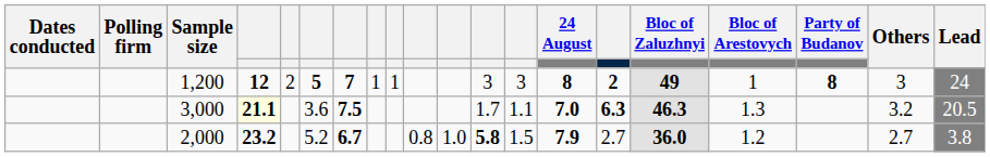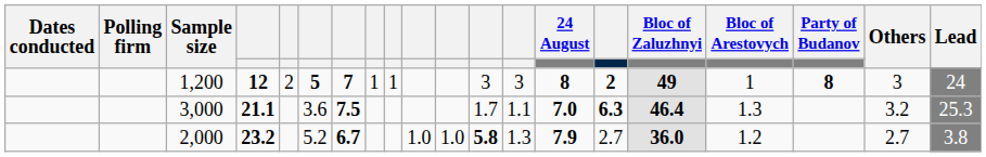 <table class="wikitable sortable mw-datatable mw-collapsible" style="text-align:center;font-size:90%;line-height:14px;">
 <tr style="height:40px;">
 <th rowspan="2">Dates<br>conducted</th>
 <th rowspan="2">Polling firm</th>
 <th rowspan="2">Sample<br>size</th>
 <th class="unsortable" style="width:30px;"></th>
 <th class="unsortable" style="width:30px;"></th>
 <th class="unsortable" style="width:30px;"></th>
 <th class="unsortable" style="width:30px;"></th>
 <th class="unsortable" style="width:30px;"></th>
 <th class="unsortable" style="width:30px;"></th>
 <th class="unsortable" style="width:30px;"></th>
 <th class="unsortable" style="width:30px;"></th>
 <th class="unsortable" style="width:30px;"></th>
 <th class="unsortable" style="width:30px;"></th>
 <th class="unsortable" style="width:30px;"><small><a href='#'>24<br>August</a></small></th>
 <th class="unsortable" style="width:30px;"></th>
 <th class="unsortable" style="width:30px;"><small><a href='#'>Bloc of<br>Zaluzhnyi</a></small></th>
 <th class="unsortable" style="width:30px;"><small><a href='#'>Bloc of<br>Arestovych</a></small></th>
 <th class="unsortable" style="width:30px;"><small><a href='#'>Party of<br>Budanov</a></small></th>
 <th rowspan="2" class="unsortable" style="width:30px;">Others</th>
 <th rowspan="2" style="width:30px;">Lead</th>
 </tr>
 <tr>
 <th data-sort-type="number" style="background:"></th>
 <th data-sort-type="number" style="background:"></th>
 <th data-sort-type="number" style="background:"></th>
 <th data-sort-type="number" style="background:"></th>
 <th data-sort-type="number" style="background:"></th>
 <th data-sort-type="number" style="background:"></th>
 <th data-sort-type="number" style="background:"></th>
 <th data-sort-type="number" style="background:"></th>
 <th data-sort-type="number" style="background:"></th>
 <th data-sort-type="number" style="background:"></th>
 <th data-sort-type="number" style="background:#808080;"></th>
 <th data-sort-type="number" style="background:#00264A;"></th>
 <th data-sort-type="number" style="background:#808080;"></th>
 <th data-sort-type="number" style="background:#808080;"></th>
 <th data-sort-type="number" style="background:#808080;"></th>
 </tr>
 <tr>
 <td></td>
 <td></td>
 <td>1,200</td>
 <td><strong>12</strong></td>
 <td>2</td>
 <td><strong>5</strong></td>
 <td><strong>7</strong></td>
 <td>1</td>
 <td>1</td>
 <td></td>
 <td></td>
 <td>3</td>
 <td>3</td>
 <td><strong>8</strong></td>
 <td><strong>2</strong></td>
 <td style="background:#E2E2E2;"><strong>49</strong></td>
 <td>1</td>
 <td><strong>8</strong></td>
 <td>3</td>
 <td style="background:#808080; color:white;">24</td>
 </tr>
 <tr>
 <td></td>
 <td></td>
 <td>3,000</td>
-<td style="background: lightyellow;"><strong>21.1</strong></td>
+<td><strong>21.1</strong></td>
 <td></td>
 <td>3.6</td>
 <td><strong>7.5</strong></td>
 <td></td>
 <td></td>
 <td></td>
 <td></td>
 <td>1.7</td>
 <td>1.1</td>
 <td><strong>7.0</strong></td>
 <td><strong>6.3</strong></td>
-<td style="background:#E2E2E2;"><strong>46.3</strong></td>
+<td style="background:#E2E2E2;"><strong>46.4</strong></td>
 <td>1.3</td>
 <td></td>
 <td>3.2</td>
-<td style="background:#808080; color:white;">20.5</td>
+<td style="background:#808080; color:white;">25.3</td>
 </tr>
 <tr>
 <td></td>
 <td></td>
 <td>2,000</td>
 <td><strong>23.2</strong> </td>
 <td></td>
 <td>5.2</td>
 <td><strong>6.7</strong> </td>
 <td></td>
 <td></td>
-<td>0.8</td>
+<td>1.0</td>
 <td>1.0</td>
 <td><strong>5.8</strong></td>
-<td>1.5</td>
+<td>1.3</td>
 <td><strong>7.9</strong></td>
 <td>2.7</td>
 <td style="background:#E2E2E2;"><strong>36.0</strong></td>
 <td>1.2</td>
 <td></td>
 <td>2.7 </td>
 <td style="background:#808080; color:white;">3.8</td>
 </tr>
 </table>
